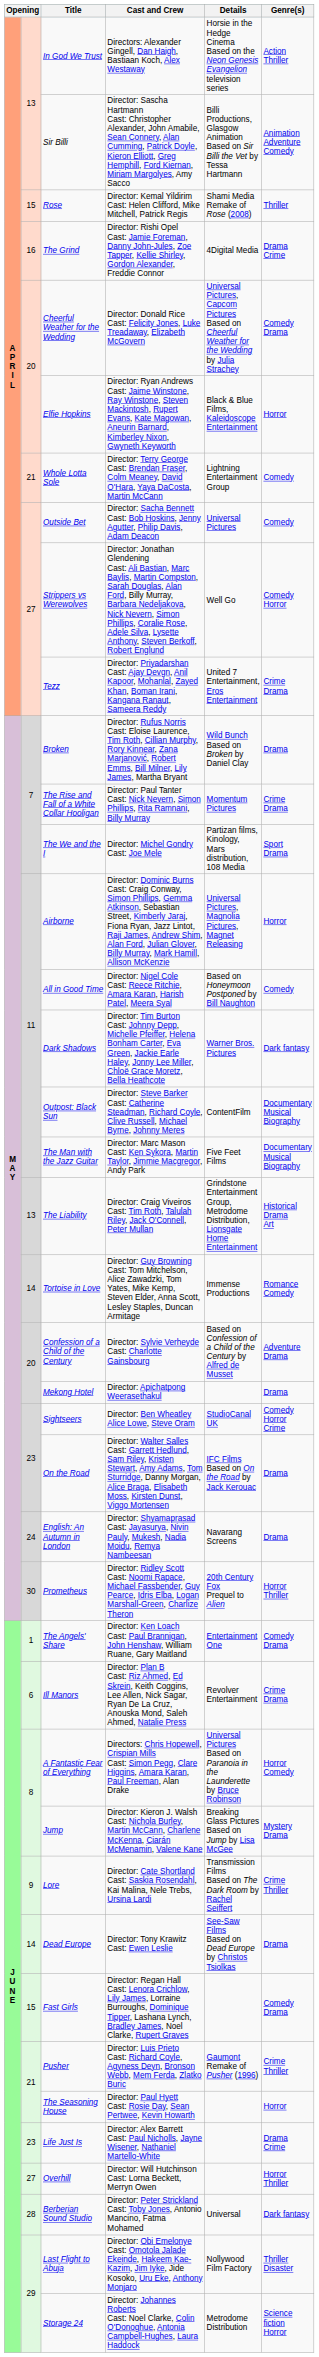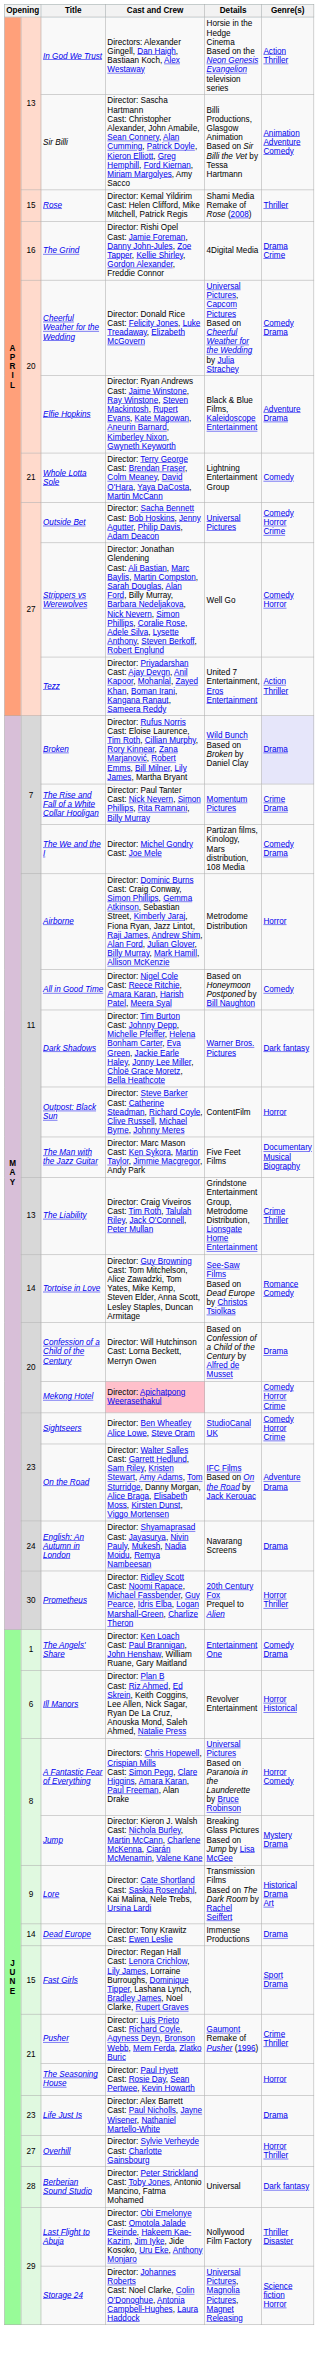 <table class="wikitable sortable plainrowheaders">
 <tr style="background:#b0e0e6; text-align:center;">
 <th colspan="2">Opening</th>
 <th style="width:24%;">Title</th>
 <th style="width:40%;">Cast and Crew</th>
 <th>Details</th>
 <th style="width:10%;">Genre(s)</th>
 </tr>
 <tr>
 <th rowspan="10" style="text-align:center; background:#ffa07a; textcolor:#000;">A<br>P<br>R<br>I<br>L</th>
 <td rowspan="2" style="text-align:center; background:#ffdacc;">13</td>
 <td><em><a href='#'>In God We Trust</a></em></td>
 <td>Directors: Alexander Gingell, <a href='#'>Dan Haigh</a>, Bastiaan Koch, <a href='#'>Alex Westaway</a></td>
 <td>Horsie in the Hedge Cinema  <br> Based on the <em><a href='#'>Neon Genesis Evangelion</a></em> television series</td>
 <td><a href='#'>Action</a>  <br> <a href='#'>Thriller</a></td>
 </tr>
 <tr>
 <td><em>Sir Billi</em></td>
 <td>Director: Sascha Hartmann  <br> Cast: Christopher Alexander, John Amabile, <a href='#'>Sean Connery</a>, <a href='#'>Alan Cumming</a>, <a href='#'>Patrick Doyle</a>, <a href='#'>Kieron Elliott</a>, <a href='#'>Greg Hemphill</a>, <a href='#'>Ford Kiernan</a>, <a href='#'>Miriam Margolyes</a>, Amy Sacco</td>
 <td>Billi Productions, Glasgow Animation  <br> Based on <em>Sir Billi the Vet</em> by Tessa Hartmann</td>
 <td><a href='#'>Animation</a>  <br> <a href='#'>Adventure</a>  <br> <a href='#'>Comedy</a></td>
 </tr>
 <tr>
 <td style="text-align:center; background:#ffdacc;">15</td>
 <td><em><a href='#'>Rose</a></em></td>
 <td>Director: Kemal Yildirim  <br> Cast: Helen Clifford, Mike Mitchell, Patrick Regis</td>
 <td>Shami Media  <br> Remake of <em>Rose</em> (<a href='#'>2008</a>)</td>
 <td><a href='#'>Thriller</a></td>
 </tr>
 <tr>
 <td style="text-align:center; background:#ffdacc;">16</td>
 <td><em><a href='#'>The Grind</a></em></td>
 <td>Director: Rishi Opel  <br> Cast: <a href='#'>Jamie Foreman</a>, <a href='#'>Danny John-Jules</a>, <a href='#'>Zoe Tapper</a>, <a href='#'>Kellie Shirley</a>, <a href='#'>Gordon Alexander</a>, Freddie Connor</td>
 <td>4Digital Media</td>
 <td><a href='#'>Drama</a>  <br> <a href='#'>Crime</a></td>
 </tr>
 <tr>
 <td rowspan="2" style="text-align:center; background:#ffdacc;">20</td>
 <td><em><a href='#'>Cheerful Weather for the Wedding</a></em></td>
 <td>Director: Donald Rice  <br> Cast: <a href='#'>Felicity Jones</a>, <a href='#'>Luke Treadaway</a>, <a href='#'>Elizabeth McGovern</a></td>
 <td><a href='#'>Universal Pictures</a>, <a href='#'>Capcom Pictures</a>  <br> Based on <em><a href='#'>Cheerful Weather for the Wedding</a></em> by <a href='#'>Julia Strachey</a></td>
 <td><a href='#'>Comedy</a>  <br> <a href='#'>Drama</a></td>
 </tr>
 <tr>
 <td><em><a href='#'>Elfie Hopkins</a></em></td>
 <td>Director: Ryan Andrews  <br> Cast: <a href='#'>Jaime Winstone</a>, <a href='#'>Ray Winstone</a>, <a href='#'>Steven Mackintosh</a>, <a href='#'>Rupert Evans</a>, <a href='#'>Kate Magowan</a>, <a href='#'>Aneurin Barnard</a>, <a href='#'>Kimberley Nixon</a>, <a href='#'>Gwyneth Keyworth</a></td>
 <td>Black & Blue Films, <a href='#'>Kaleidoscope Entertainment</a></td>
-<td><a href='#'>Horror</a></td>
+<td><a href='#'>Adventure</a>  <br> <a href='#'>Drama</a></td>
 </tr>
 <tr>
 <td style="text-align:center; background:#ffdacc;">21</td>
 <td><em><a href='#'>Whole Lotta Sole</a></em></td>
 <td>Director: <a href='#'>Terry George</a>  <br> Cast: <a href='#'>Brendan Fraser</a>, <a href='#'>Colm Meaney</a>, <a href='#'>David O'Hara</a>, <a href='#'>Yaya DaCosta</a>, <a href='#'>Martin McCann</a></td>
 <td>Lightning Entertainment Group</td>
 <td><a href='#'>Comedy</a></td>
 </tr>
 <tr>
 <td rowspan="3" style="text-align:center; background:#ffdacc;">27</td>
 <td><em><a href='#'>Outside Bet</a></em></td>
 <td>Director: <a href='#'>Sacha Bennett</a>  <br> Cast: <a href='#'>Bob Hoskins</a>, <a href='#'>Jenny Agutter</a>, <a href='#'>Philip Davis</a>, <a href='#'>Adam Deacon</a></td>
 <td><a href='#'>Universal Pictures</a></td>
-<td><a href='#'>Comedy</a></td>
+<td><a href='#'>Comedy</a>  <br> <a href='#'>Horror</a>  <br> <a href='#'>Crime</a></td>
 </tr>
 <tr>
 <td><em><a href='#'>Strippers vs Werewolves</a></em></td>
 <td>Director: Jonathan Glendening  <br> Cast: <a href='#'>Ali Bastian</a>, <a href='#'>Marc Baylis</a>, <a href='#'>Martin Compston</a>, <a href='#'>Sarah Douglas</a>, <a href='#'>Alan Ford</a>, Billy Murray, <a href='#'>Barbara Nedeljakova</a>, <a href='#'>Nick Nevern</a>, <a href='#'>Simon Phillips</a>, <a href='#'>Coralie Rose</a>, <a href='#'>Adele Silva</a>, <a href='#'>Lysette Anthony</a>, <a href='#'>Steven Berkoff</a>, <a href='#'>Robert Englund</a></td>
 <td>Well Go</td>
 <td><a href='#'>Comedy</a>  <br> <a href='#'>Horror</a></td>
 </tr>
 <tr>
 <td><em><a href='#'>Tezz</a></em></td>
 <td>Director: <a href='#'>Priyadarshan</a>  <br> Cast: <a href='#'>Ajay Devgn</a>, <a href='#'>Anil Kapoor</a>, <a href='#'>Mohanlal</a>, <a href='#'>Zayed Khan</a>, <a href='#'>Boman Irani</a>, <a href='#'>Kangana Ranaut</a>, <a href='#'>Sameera Reddy</a></td>
 <td>United 7 Entertainment, <a href='#'>Eros Entertainment</a></td>
-<td><a href='#'>Crime</a>  <br> <a href='#'>Drama</a></td>
+<td><a href='#'>Action</a>  <br> <a href='#'>Thriller</a></td>
 </tr>
 <tr>
 <th rowspan="16" style="text-align:center; background:thistle; textcolor:#000;">M<br>A<br>Y</th>
 <td rowspan="3" style="text-align:center; background:#d8d8d8;">7</td>
 <td><em><a href='#'>Broken</a></em></td>
 <td>Director: <a href='#'>Rufus Norris</a>  <br> Cast: Eloise Laurence, <a href='#'>Tim Roth</a>, <a href='#'>Cillian Murphy</a>, <a href='#'>Rory Kinnear</a>, <a href='#'>Zana Marjanović</a>, <a href='#'>Robert Emms</a>, <a href='#'>Bill Milner</a>, <a href='#'>Lily James</a>, Martha Bryant</td>
 <td><a href='#'>Wild Bunch</a>  <br> Based on <em>Broken</em> by Daniel Clay</td>
-<td><a href='#'>Drama</a></td>
+<td style="background: lavender;"><a href='#'>Drama</a></td>
 </tr>
 <tr>
 <td><em><a href='#'>The Rise and Fall of a White Collar Hooligan</a></em></td>
 <td>Director: Paul Tanter  <br> Cast: <a href='#'>Nick Nevern</a>, <a href='#'>Simon Phillips</a>, <a href='#'>Rita Ramnani</a>, <a href='#'>Billy Murray</a></td>
 <td><a href='#'>Momentum Pictures</a></td>
 <td><a href='#'>Crime</a>  <br> <a href='#'>Drama</a></td>
 </tr>
 <tr>
 <td><em><a href='#'>The We and the I</a></em></td>
 <td>Director: <a href='#'>Michel Gondry</a>  <br> Cast: <a href='#'>Joe Mele</a></td>
 <td>Partizan films, Kinology, Mars distribution, 108 Media</td>
-<td><a href='#'>Sport</a>  <br> <a href='#'>Drama</a></td>
+<td><a href='#'>Comedy</a>  <br> <a href='#'>Drama</a></td>
 </tr>
 <tr>
 <td rowspan="5" style="text-align:center; background:#d8d8d8;">11</td>
 <td><em><a href='#'>Airborne</a></em></td>
 <td>Director: <a href='#'>Dominic Burns</a>  <br> Cast: Craig Conway, <a href='#'>Simon Phillips</a>, <a href='#'>Gemma Atkinson</a>, Sebastian Street, <a href='#'>Kimberly Jaraj</a>, Fiona Ryan, Jazz Lintot, <a href='#'>Raji James</a>, <a href='#'>Andrew Shim</a>, <a href='#'>Alan Ford</a>, <a href='#'>Julian Glover</a>, <a href='#'>Billy Murray</a>, <a href='#'>Mark Hamill</a>, <a href='#'>Allison McKenzie</a></td>
-<td><a href='#'>Universal Pictures</a>, <a href='#'>Magnolia Pictures</a>, <a href='#'>Magnet Releasing</a></td>
+<td>Metrodome Distribution</td>
 <td><a href='#'>Horror</a></td>
 </tr>
 <tr>
 <td><em><a href='#'>All in Good Time</a></em></td>
 <td>Director: <a href='#'>Nigel Cole</a>  <br> Cast: <a href='#'>Reece Ritchie</a>, <a href='#'>Amara Karan</a>, <a href='#'>Harish Patel</a>, <a href='#'>Meera Syal</a></td>
 <td>Based on <em>Honeymoon Postponed</em> by <a href='#'>Bill Naughton</a></td>
 <td><a href='#'>Comedy</a></td>
 </tr>
 <tr>
 <td><em><a href='#'>Dark Shadows</a></em></td>
 <td>Director: <a href='#'>Tim Burton</a>  <br> Cast: <a href='#'>Johnny Depp</a>, <a href='#'>Michelle Pfeiffer</a>, <a href='#'>Helena Bonham Carter</a>, <a href='#'>Eva Green</a>, <a href='#'>Jackie Earle Haley</a>, <a href='#'>Jonny Lee Miller</a>, <a href='#'>Chloë Grace Moretz</a>, <a href='#'>Bella Heathcote</a></td>
 <td><a href='#'>Warner Bros. Pictures</a></td>
 <td><a href='#'>Dark fantasy</a></td>
 </tr>
 <tr>
 <td><em><a href='#'>Outpost: Black Sun</a></em></td>
 <td>Director: <a href='#'>Steve Barker</a>  <br> Cast: <a href='#'>Catherine Steadman</a>, <a href='#'>Richard Coyle</a>, <a href='#'>Clive Russell</a>, <a href='#'>Michael Byrne</a>, <a href='#'>Johnny Meres</a></td>
 <td>ContentFilm</td>
-<td><a href='#'>Documentary</a>  <br> <a href='#'>Musical</a>  <br> <a href='#'>Biography</a></td>
+<td><a href='#'>Horror</a></td>
 </tr>
 <tr>
 <td><em><a href='#'>The Man with the Jazz Guitar</a></em></td>
 <td>Director: Marc Mason  <br> Cast: <a href='#'>Ken Sykora</a>, <a href='#'>Martin Taylor</a>, <a href='#'>Jimmie Macgregor</a>, Andy Park</td>
 <td>Five Feet Films</td>
 <td><a href='#'>Documentary</a>  <br> <a href='#'>Musical</a>  <br> <a href='#'>Biography</a></td>
 </tr>
 <tr>
 <td style="text-align:center; background:#d8d8d8;">13</td>
 <td><em><a href='#'>The Liability</a></em></td>
 <td>Director: Craig Viveiros  <br> Cast: <a href='#'>Tim Roth</a>, <a href='#'>Talulah Riley</a>, <a href='#'>Jack O'Connell</a>, <a href='#'>Peter Mullan</a></td>
 <td>Grindstone Entertainment Group, Metrodome Distribution, <a href='#'>Lionsgate Home Entertainment</a></td>
-<td><a href='#'>Historical</a>  <br> <a href='#'>Drama</a>  <br> <a href='#'>Art</a></td>
+<td><a href='#'>Crime</a>  <br> <a href='#'>Thriller</a></td>
 </tr>
 <tr>
 <td style="text-align:center; background:#d8d8d8;">14</td>
 <td><em><a href='#'>Tortoise in Love</a></em></td>
 <td>Director: <a href='#'>Guy Browning</a>  <br> Cast: Tom Mitchelson, Alice Zawadzki, Tom Yates, Mike Kemp, Steven Elder, Anna Scott, Lesley Staples, Duncan Armitage</td>
-<td>Immense Productions</td>
+<td><a href='#'>See-Saw Films</a>  <br> Based on <em>Dead Europe</em> by <a href='#'>Christos Tsiolkas</a></td>
 <td><a href='#'>Romance</a>  <br> <a href='#'>Comedy</a></td>
 </tr>
 <tr>
 <td rowspan="2" style="text-align:center; background:#d8d8d8;">20</td>
 <td><em><a href='#'>Confession of a Child of the Century</a></em></td>
-<td>Director: <a href='#'>Sylvie Verheyde</a>  <br> Cast: <a href='#'>Charlotte Gainsbourg</a></td>
+<td>Director: Will Hutchinson  <br> Cast: Lorna Beckett, Merryn Owen</td>
 <td>Based on <em>Confession of a Child of the Century</em> by <a href='#'>Alfred de Musset</a></td>
-<td><a href='#'>Adventure</a>  <br> <a href='#'>Drama</a></td>
+<td><a href='#'>Drama</a></td>
 </tr>
 <tr>
 <td><em><a href='#'>Mekong Hotel</a></em></td>
-<td>Director: <a href='#'>Apichatpong Weerasethakul</a></td>
+<td style="background: pink;">Director: <a href='#'>Apichatpong Weerasethakul</a></td>
 <td></td>
-<td><a href='#'>Drama</a></td>
+<td><a href='#'>Comedy</a>  <br> <a href='#'>Horror</a>  <br> <a href='#'>Crime</a></td>
 </tr>
 <tr>
 <td rowspan="2" style="text-align:center; background:#d8d8d8;">23</td>
 <td><em><a href='#'>Sightseers</a></em></td>
 <td>Director: <a href='#'>Ben Wheatley</a>  <br> <a href='#'>Alice Lowe</a>, <a href='#'>Steve Oram</a></td>
 <td><a href='#'>StudioCanal UK</a></td>
 <td><a href='#'>Comedy</a>  <br> <a href='#'>Horror</a>  <br> <a href='#'>Crime</a></td>
 </tr>
 <tr>
 <td><em><a href='#'>On the Road</a></em></td>
 <td>Director: <a href='#'>Walter Salles</a>  <br> Cast: <a href='#'>Garrett Hedlund</a>, <a href='#'>Sam Riley</a>, <a href='#'>Kristen Stewart</a>, <a href='#'>Amy Adams</a>, <a href='#'>Tom Sturridge</a>, Danny Morgan, <a href='#'>Alice Braga</a>, <a href='#'>Elisabeth Moss</a>, <a href='#'>Kirsten Dunst</a>, <a href='#'>Viggo Mortensen</a></td>
 <td><a href='#'>IFC Films</a>  <br> Based on <em><a href='#'>On the Road</a></em> by <a href='#'>Jack Kerouac</a></td>
-<td><a href='#'>Drama</a></td>
+<td><a href='#'>Adventure</a>  <br> <a href='#'>Drama</a></td>
 </tr>
 <tr>
 <td style="text-align:center; background:#d8d8d8;">24</td>
 <td><em><a href='#'>English: An Autumn in London</a></em></td>
 <td>Director: <a href='#'>Shyamaprasad</a>  <br> Cast: <a href='#'>Jayasurya</a>, <a href='#'>Nivin Pauly</a>, <a href='#'>Mukesh</a>, <a href='#'>Nadia Moidu</a>, <a href='#'>Remya Nambeesan</a></td>
 <td>Navarang Screens</td>
 <td><a href='#'>Drama</a></td>
 </tr>
 <tr>
 <td style="text-align:center; background:#d8d8d8;">30</td>
 <td><em><a href='#'>Prometheus</a></em></td>
 <td>Director: <a href='#'>Ridley Scott</a>  <br> Cast: <a href='#'>Noomi Rapace</a>, <a href='#'>Michael Fassbender</a>, <a href='#'>Guy Pearce</a>, <a href='#'>Idris Elba</a>, <a href='#'>Logan Marshall-Green</a>, <a href='#'>Charlize Theron</a></td>
 <td><a href='#'>20th Century Fox</a>  <br> Prequel to <em><a href='#'>Alien</a></em></td>
 <td><a href='#'>Horror</a>  <br> <a href='#'>Thriller</a></td>
 </tr>
 <tr>
 <th rowspan="14" style="text-align:center; background:#98fb98; textcolor:#000;">J <br>U <br>N <br>E</th>
 <td style="text-align:center; background:#e0f9e0;">1</td>
 <td><em><a href='#'>The Angels' Share</a></em></td>
 <td>Director: <a href='#'>Ken Loach</a>  <br> Cast: <a href='#'>Paul Brannigan</a>, <a href='#'>John Henshaw</a>, William Ruane, Gary Maitland</td>
 <td><a href='#'>Entertainment One</a></td>
 <td><a href='#'>Comedy</a>  <br> <a href='#'>Drama</a></td>
 </tr>
 <tr>
 <td style="text-align:center; background:#e0f9e0;">6</td>
 <td><em><a href='#'>Ill Manors</a></em></td>
 <td>Director: <a href='#'>Plan B</a>  <br> Cast: <a href='#'>Riz Ahmed</a>, <a href='#'>Ed Skrein</a>, Keith Coggins, Lee Allen, Nick Sagar, Ryan De La Cruz, Anouska Mond, Saleh Ahmed, <a href='#'>Natalie Press</a></td>
 <td>Revolver Entertainment</td>
-<td><a href='#'>Crime</a>  <br> <a href='#'>Drama</a></td>
+<td><a href='#'>Horror</a> <a href='#'>Historical</a></td>
 </tr>
 <tr>
 <td rowspan="2" style="text-align:center; background:#e0f9e0;">8</td>
 <td><em><a href='#'>A Fantastic Fear of Everything</a></em></td>
 <td>Directors: <a href='#'>Chris Hopewell</a>, <a href='#'>Crispian Mills</a>  <br> Cast: <a href='#'>Simon Pegg</a>, <a href='#'>Clare Higgins</a>, <a href='#'>Amara Karan</a>, <a href='#'>Paul Freeman</a>, Alan Drake</td>
 <td><a href='#'>Universal Pictures</a>  <br> Based on <em>Paranoia in the Launderette</em> by <a href='#'>Bruce Robinson</a></td>
 <td><a href='#'>Horror</a>  <br> <a href='#'>Comedy</a></td>
 </tr>
 <tr>
 <td><em><a href='#'>Jump</a></em></td>
 <td>Director: Kieron J. Walsh  <br> Cast: <a href='#'>Nichola Burley</a>, <a href='#'>Martin McCann</a>, <a href='#'>Charlene McKenna</a>, <a href='#'>Ciarán McMenamin</a>, <a href='#'>Valene Kane</a></td>
 <td>Breaking Glass Pictures  <br> Based on <em>Jump</em> by <a href='#'>Lisa McGee</a></td>
 <td><a href='#'>Mystery</a>  <br> <a href='#'>Drama</a></td>
 </tr>
 <tr>
 <td style="text-align:center; background:#e0f9e0;">9</td>
 <td><em><a href='#'>Lore</a></em></td>
 <td>Director: <a href='#'>Cate Shortland</a>  <br> Cast: <a href='#'>Saskia Rosendahl</a>, Kai Malina, Nele Trebs, <a href='#'>Ursina Lardi</a></td>
 <td>Transmission Films  <br> Based on <em>The Dark Room</em> by <a href='#'>Rachel Seiffert</a></td>
-<td><a href='#'>Crime</a>  <br> <a href='#'>Thriller</a></td>
+<td><a href='#'>Historical</a>  <br> <a href='#'>Drama</a>  <br> <a href='#'>Art</a></td>
 </tr>
 <tr>
 <td style="text-align:center; background:#e0f9e0;">14</td>
 <td><em><a href='#'>Dead Europe</a></em></td>
 <td>Director: Tony Krawitz  <br> Cast: <a href='#'>Ewen Leslie</a></td>
-<td><a href='#'>See-Saw Films</a>  <br> Based on <em>Dead Europe</em> by <a href='#'>Christos Tsiolkas</a></td>
+<td>Immense Productions</td>
 <td><a href='#'>Drama</a></td>
 </tr>
 <tr>
 <td style="text-align:center; background:#e0f9e0;">15</td>
 <td><em><a href='#'>Fast Girls</a></em></td>
 <td>Director: Regan Hall  <br> Cast: <a href='#'>Lenora Crichlow</a>, <a href='#'>Lily James</a>, Lorraine Burroughs, <a href='#'>Dominique Tipper</a>, Lashana Lynch, <a href='#'>Bradley James</a>, Noel Clarke, <a href='#'>Rupert Graves</a></td>
 <td></td>
-<td><a href='#'>Comedy</a>  <br> <a href='#'>Drama</a></td>
+<td><a href='#'>Sport</a>  <br> <a href='#'>Drama</a></td>
 </tr>
 <tr>
 <td rowspan="2" style="text-align:center; background:#e0f9e0;">21</td>
 <td><em><a href='#'>Pusher</a></em></td>
 <td>Director: <a href='#'>Luis Prieto</a>  <br> Cast: <a href='#'>Richard Coyle</a>, <a href='#'>Agyness Deyn</a>, <a href='#'>Bronson Webb</a>, <a href='#'>Mem Ferda</a>, <a href='#'>Zlatko Buric</a></td>
 <td><a href='#'>Gaumont</a>  <br> Remake of <em><a href='#'>Pusher</a></em> (<a href='#'>1996</a>)</td>
 <td><a href='#'>Crime</a>  <br> <a href='#'>Thriller</a></td>
 </tr>
 <tr>
 <td><em><a href='#'>The Seasoning House</a></em></td>
 <td>Director: <a href='#'>Paul Hyett</a>  <br> Cast: <a href='#'>Rosie Day</a>, <a href='#'>Sean Pertwee</a>, <a href='#'>Kevin Howarth</a></td>
 <td></td>
 <td><a href='#'>Horror</a></td>
 </tr>
 <tr>
 <td style="text-align:center; background:#e0f9e0;">23</td>
 <td><em><a href='#'>Life Just Is</a></em></td>
 <td>Director: Alex Barrett  <br> Cast: <a href='#'>Paul Nicholls</a>, <a href='#'>Jayne Wisener</a>, <a href='#'>Nathaniel Martello-White</a></td>
 <td></td>
-<td><a href='#'>Drama</a>  <br> <a href='#'>Crime</a></td>
+<td><a href='#'>Drama</a></td>
 </tr>
 <tr>
 <td style="text-align:center; background:#e0f9e0;">27</td>
 <td><em><a href='#'>Overhill</a></em></td>
-<td>Director: Will Hutchinson  <br> Cast: Lorna Beckett, Merryn Owen</td>
+<td>Director: <a href='#'>Sylvie Verheyde</a>  <br> Cast: <a href='#'>Charlotte Gainsbourg</a></td>
 <td></td>
 <td><a href='#'>Horror</a>  <br> <a href='#'>Thriller</a></td>
 </tr>
 <tr>
 <td style="text-align:center; background:#e0f9e0;">28</td>
 <td><em><a href='#'>Berberian Sound Studio</a></em></td>
 <td>Director: <a href='#'>Peter Strickland</a>  <br> Cast: <a href='#'>Toby Jones</a>, Antonio Mancino, Fatma Mohamed</td>
 <td>Universal</td>
 <td><a href='#'>Dark fantasy</a></td>
 </tr>
 <tr>
 <td rowspan="2" style="text-align:center; background:#e0f9e0;">29</td>
 <td><em><a href='#'>Last Flight to Abuja</a></em></td>
 <td>Director: <a href='#'>Obi Emelonye</a>  <br> Cast: <a href='#'>Omotola Jalade Ekeinde</a>, <a href='#'>Hakeem Kae-Kazim</a>, <a href='#'>Jim Iyke</a>, Jide Kosoko, <a href='#'>Uru Eke</a>, <a href='#'>Anthony Monjaro</a></td>
 <td>Nollywood Film Factory</td>
 <td><a href='#'>Thriller</a>  <br> <a href='#'>Disaster</a></td>
 </tr>
 <tr>
 <td><em><a href='#'>Storage 24</a></em></td>
 <td>Director: <a href='#'>Johannes Roberts</a>  <br> Cast: Noel Clarke, <a href='#'>Colin O'Donoghue</a>, <a href='#'>Antonia Campbell-Hughes</a>, <a href='#'>Laura Haddock</a></td>
-<td>Metrodome Distribution</td>
+<td><a href='#'>Universal Pictures</a>, <a href='#'>Magnolia Pictures</a>, <a href='#'>Magnet Releasing</a></td>
 <td><a href='#'>Science fiction</a>  <br> <a href='#'>Horror</a></td>
 </tr>
 </table>
